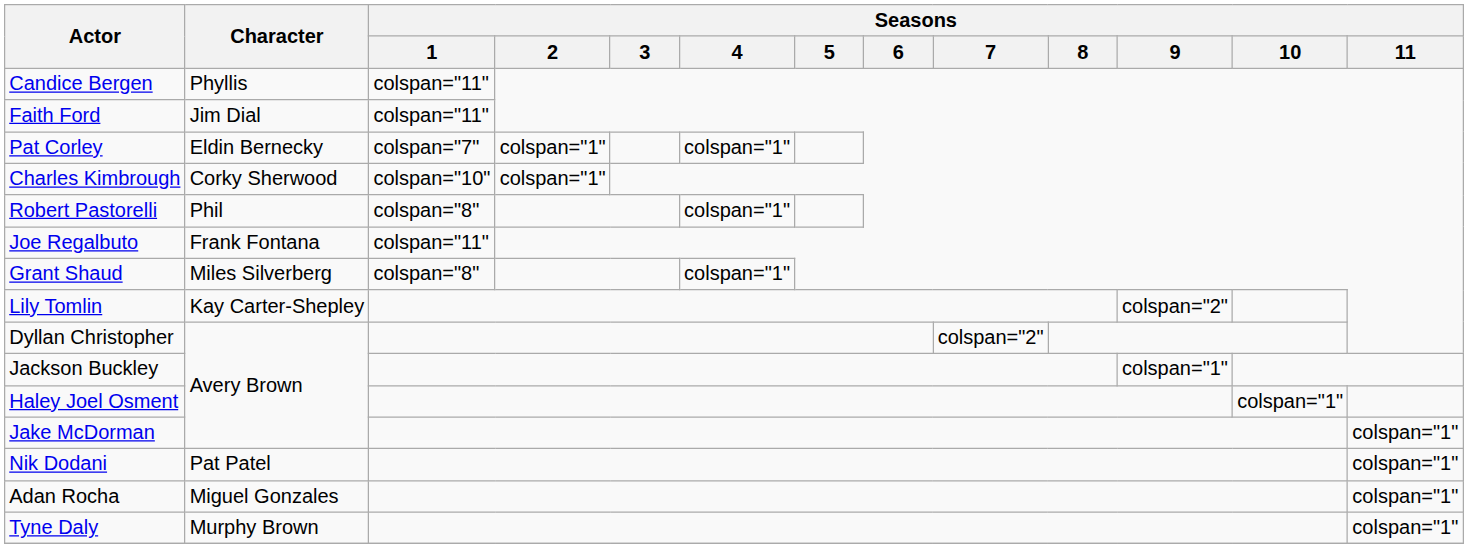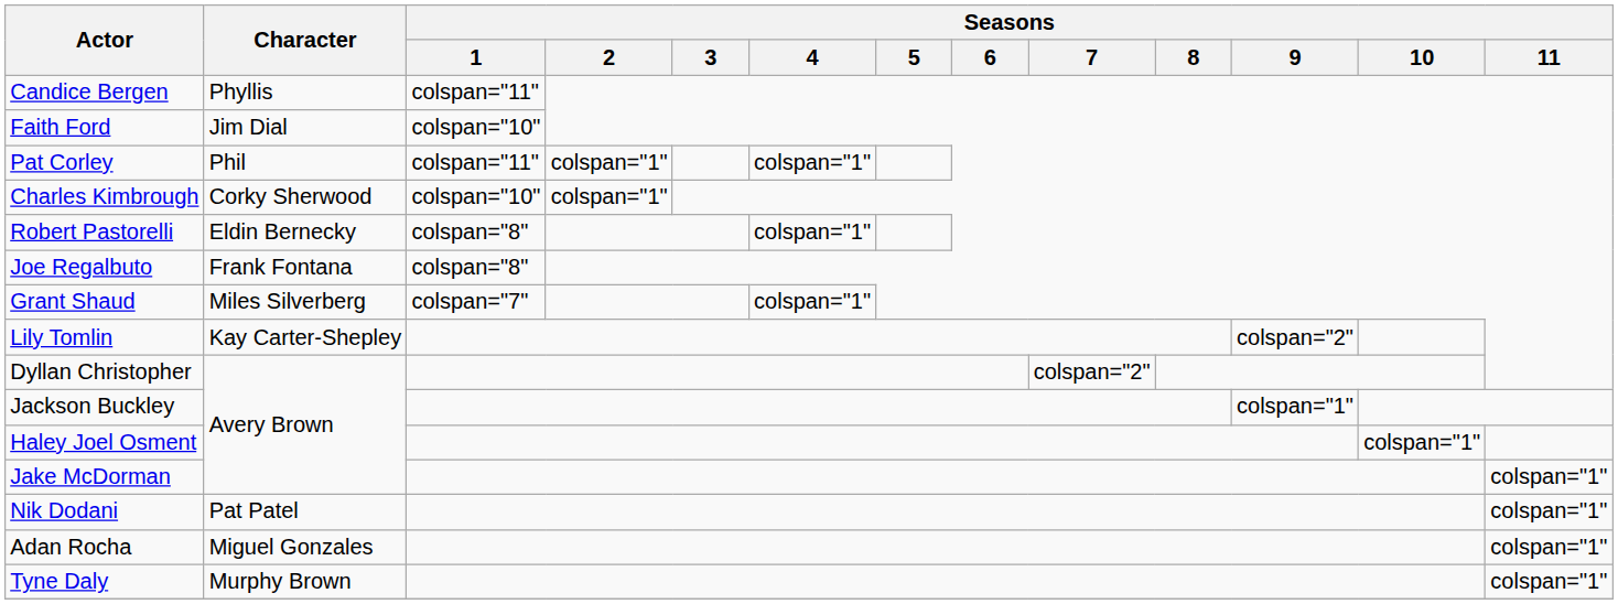 <table class="wikitable plainrowheaders" style="white-space:nowrap;">
 <tr>
 <th scope="col" rowspan="2">Actor</th>
 <th scope="col" rowspan="2">Character</th>
 <th scope="col" colspan="11">Seasons</th>
 </tr>
 <tr>
 <th scope="col" style="width:3em;">1</th>
 <th scope="col" style="width:3em;">2</th>
 <th scope="col" style="width:3em;">3</th>
 <th scope="col" style="width:3em;">4</th>
 <th scope="col" style="width:3em;">5</th>
 <th scope="col" style="width:3em;">6</th>
 <th scope="col" style="width:3em;">7</th>
 <th scope="col" style="width:3em;">8</th>
 <th scope="col" style="width:3em;">9</th>
 <th scope="col" style="width:3em;">10</th>
 <th scope="col" style="width:3em;">11</th>
 </tr>
 <tr>
 <td scope="row"><a href='#'>Candice Bergen</a></td>
 <td>Phyllis</td>
 <td>colspan="11" </td>
 </tr>
 <tr>
 <td scope="row"><a href='#'>Faith Ford</a></td>
 <td>Jim Dial</td>
-<td>colspan="11" </td>
+<td>colspan="10" </td>
 </tr>
 <tr>
 <td scope="row"><a href='#'>Pat Corley</a></td>
-<td>Eldin Bernecky</td>
-<td>colspan="7" </td>
+<td>Phil</td>
+<td>colspan="11" </td>
 <td>colspan="1" </td>
 <td colspan="1"></td>
 <td>colspan="1" </td>
 <td colspan="1"></td>
 </tr>
 <tr>
 <td scope="row"><a href='#'>Charles Kimbrough</a></td>
 <td>Corky Sherwood</td>
 <td>colspan="10" </td>
 <td>colspan="1" </td>
 </tr>
 <tr>
 <td scope="row"><a href='#'>Robert Pastorelli</a></td>
-<td>Phil</td>
+<td>Eldin Bernecky</td>
 <td>colspan="8" </td>
 <td colspan="2"></td>
 <td>colspan="1" </td>
 <td colspan="1"></td>
 </tr>
 <tr>
 <td scope="row"><a href='#'>Joe Regalbuto</a></td>
 <td>Frank Fontana</td>
-<td>colspan="11" </td>
+<td>colspan="8" </td>
 </tr>
 <tr>
 <td scope="row"><a href='#'>Grant Shaud</a></td>
 <td>Miles Silverberg</td>
-<td>colspan="8" </td>
+<td>colspan="7" </td>
 <td colspan="2"></td>
 <td>colspan="1" </td>
 </tr>
 <tr>
 <td scope="row"><a href='#'>Lily Tomlin</a></td>
 <td>Kay Carter-Shepley</td>
 <td colspan="8"></td>
 <td>colspan="2" </td>
 <td colspan="1"></td>
 </tr>
 <tr>
 <td scope="row">Dyllan Christopher</td>
 <td rowspan="4">Avery Brown</td>
 <td colspan="6"></td>
 <td>colspan="2" </td>
 <td colspan="3"></td>
 </tr>
 <tr>
 <td scope="row">Jackson Buckley</td>
 <td colspan="8"></td>
 <td>colspan="1" </td>
 <td colspan="2"></td>
 </tr>
 <tr>
 <td scope="row"><a href='#'>Haley Joel Osment</a></td>
 <td colspan="9"></td>
 <td>colspan="1" </td>
 <td colspan="1"></td>
 </tr>
 <tr>
 <td scope="row"><a href='#'>Jake McDorman</a></td>
 <td colspan="10"></td>
 <td>colspan="1" </td>
 </tr>
 <tr>
 <td scope="row"><a href='#'>Nik Dodani</a></td>
 <td>Pat Patel</td>
 <td colspan="10"></td>
 <td>colspan="1" </td>
 </tr>
 <tr>
 <td scope="row">Adan Rocha</td>
 <td>Miguel Gonzales</td>
 <td colspan="10"></td>
 <td>colspan="1" </td>
 </tr>
 <tr>
 <td scope="row"><a href='#'>Tyne Daly</a></td>
 <td>Murphy Brown</td>
 <td colspan="10"></td>
 <td>colspan="1" </td>
 </tr>
 <tr>
 </tr>
 </table>
